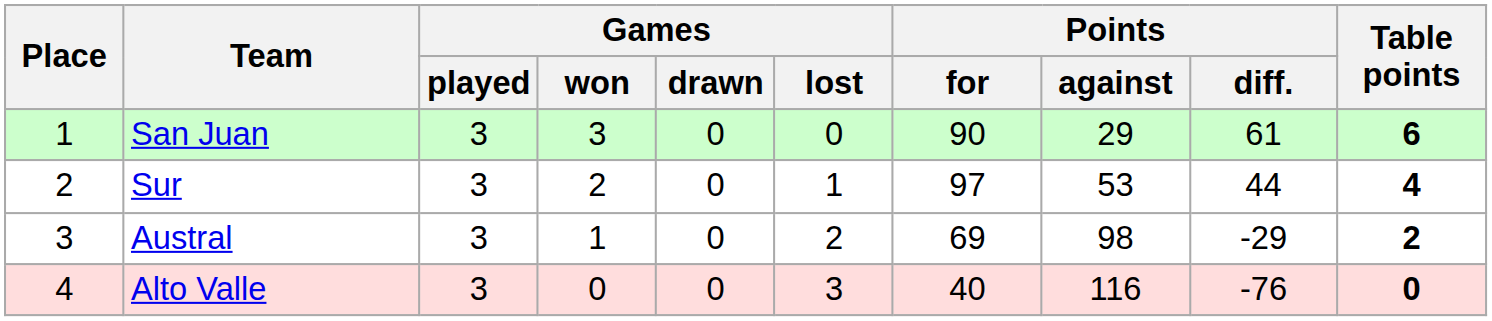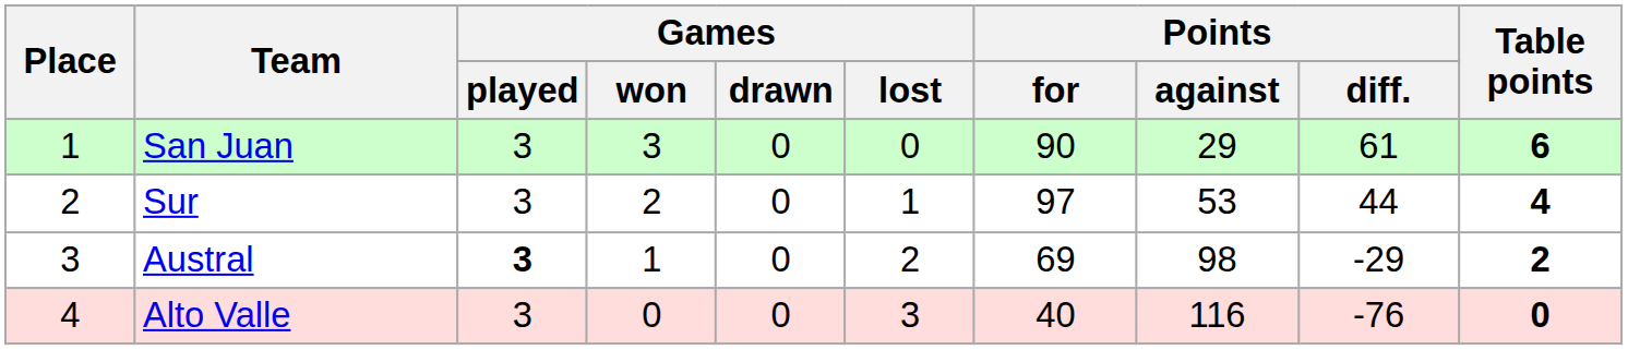 <table class="wikitable">
 <tr>
 <th rowspan=2 width="8%">Place</th>
 <th rowspan=2 width="20%">Team</th>
 <th colspan=4 width="32%">Games</th>
 <th colspan=3 width="30%">Points</th>
 <th rowspan=2 width="10%">Table<br>points</th>
 </tr>
 <tr>
 <th width="8%">played</th>
 <th width="8%">won</th>
 <th width="8%">drawn</th>
 <th width="8%">lost</th>
 <th width="10%">for</th>
 <th width="10%">against</th>
 <th width="10%">diff.</th>
 </tr>
 <tr align=center style="background: #ccffcc;">
 <td>1</td>
 <td align=left><a href='#'>San Juan</a></td>
 <td>3</td>
 <td>3</td>
 <td>0</td>
 <td>0</td>
 <td>90</td>
 <td>29</td>
 <td>61</td>
 <td><strong>6</strong></td>
 </tr>
 <tr align=center style="background: #ffffff;">
 <td>2</td>
 <td align=left><a href='#'>Sur</a></td>
 <td>3</td>
 <td>2</td>
 <td>0</td>
 <td>1</td>
 <td>97</td>
 <td>53</td>
 <td>44</td>
 <td><strong>4</strong></td>
 </tr>
 <tr align=center style="background: #ffffff;">
 <td>3</td>
 <td align=left><a href='#'>Austral</a></td>
-<td>3</td>
+<td><strong>3</strong></td>
 <td>1</td>
 <td>0</td>
 <td>2</td>
 <td>69</td>
 <td>98</td>
 <td>-29</td>
 <td><strong>2</strong></td>
 </tr>
 <tr align=center style="background: #ffdddd;">
 <td>4</td>
 <td align=left><a href='#'>Alto Valle</a></td>
 <td>3</td>
 <td>0</td>
 <td>0</td>
 <td>3</td>
 <td>40</td>
 <td>116</td>
 <td>-76</td>
 <td><strong>0</strong></td>
 </tr>
 </table>
